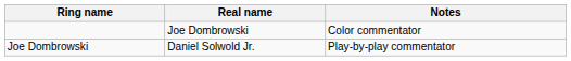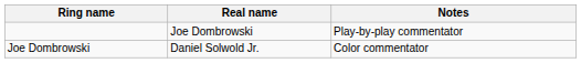 <table class="wikitable sortable" style="width:65%;">
 <tr>
 <th width=20%>Ring name</th>
 <th width=20%>Real name</th>
 <th width=30%>Notes</th>
 </tr>
 <tr>
 <td></td>
 <td>Joe Dombrowski</td>
-<td>Color commentator</td>
+<td>Play-by-play commentator</td>
 </tr>
 <tr>
 <td>Joe Dombrowski</td>
 <td>Daniel Solwold Jr.</td>
-<td>Play-by-play commentator</td>
+<td>Color commentator</td>
 </tr>
 </table>
